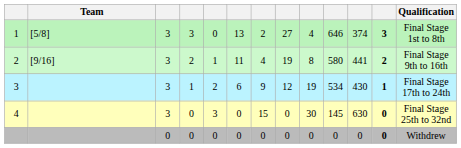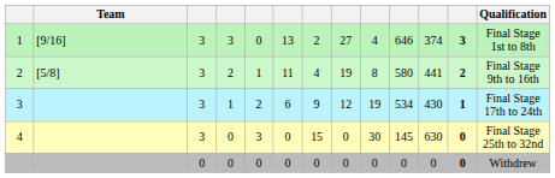 <table class=wikitable style="text-align:center" width=730>
 <tr>
 <th width=5.5%></th>
 <th width=30%>Team</th>
 <th width=5.5%></th>
 <th width=5.5%></th>
 <th width=5.5%></th>
 <th width=5.5%></th>
 <th width=5.5%></th>
 <th width=5.5%></th>
 <th width=5.5%></th>
 <th width=5.5%></th>
 <th width=5.5%></th>
 <th width=5.5%></th>
 <th width=18%>Qualification</th>
 </tr>
 <tr bgcolor=#bbf3bb>
 <td>1</td>
-<td style="text-align:left"> [5/8]</td>
+<td style="text-align:left"> [9/16]</td>
 <td>3</td>
 <td>3</td>
 <td>0</td>
 <td>13</td>
 <td>2</td>
 <td>27</td>
 <td>4</td>
 <td>646</td>
 <td>374</td>
 <td><strong>3</strong></td>
 <td>Final Stage 1st to 8th</td>
 </tr>
 <tr bgcolor=#ccf9cc>
 <td>2</td>
-<td style="text-align:left"> [9/16]</td>
+<td style="text-align:left"> [5/8]</td>
 <td>3</td>
 <td>2</td>
 <td>1</td>
 <td>11</td>
 <td>4</td>
 <td>19</td>
 <td>8</td>
 <td>580</td>
 <td>441</td>
 <td><strong>2</strong></td>
 <td>Final Stage 9th to 16th</td>
 </tr>
 <tr bgcolor=#bbf3ff>
 <td>3</td>
 <td style="text-align:left"></td>
 <td>3</td>
 <td>1</td>
 <td>2</td>
 <td>6</td>
 <td>9</td>
 <td>12</td>
 <td>19</td>
 <td>534</td>
 <td>430</td>
 <td><strong>1</strong></td>
 <td>Final Stage 17th to 24th</td>
 </tr>
 <tr bgcolor=#ffffbb>
 <td>4</td>
 <td style="text-align:left"></td>
 <td>3</td>
 <td>0</td>
 <td>3</td>
 <td>0</td>
 <td>15</td>
 <td>0</td>
 <td>30</td>
 <td>145</td>
 <td>630</td>
 <td><strong>0</strong></td>
 <td>Final Stage 25th to 32nd</td>
 </tr>
 <tr bgcolor=#bbbbbb>
 <td></td>
 <td style="text-align:left"></td>
 <td>0</td>
 <td>0</td>
 <td>0</td>
 <td>0</td>
 <td>0</td>
 <td>0</td>
 <td>0</td>
 <td>0</td>
 <td>0</td>
 <td><strong>0</strong></td>
 <td>Withdrew</td>
 </tr>
 </table>
